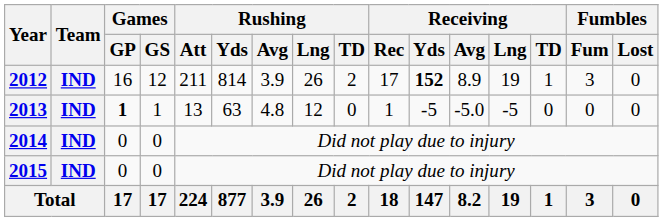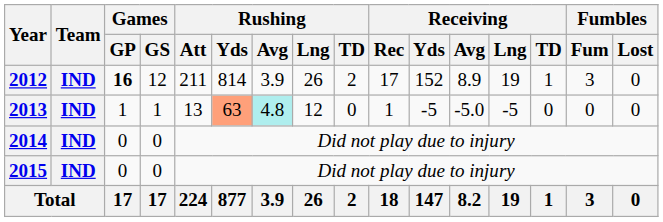 <table class=wikitable style="text-align:center;">
 <tr>
 <th rowspan="2">Year</th>
 <th rowspan="2">Team</th>
 <th colspan="2">Games</th>
 <th colspan="5">Rushing</th>
 <th colspan="5">Receiving</th>
 <th colspan="2">Fumbles</th>
 </tr>
 <tr>
 <th>GP</th>
 <th>GS</th>
 <th>Att</th>
 <th>Yds</th>
 <th>Avg</th>
 <th>Lng</th>
 <th>TD</th>
 <th>Rec</th>
 <th>Yds</th>
 <th>Avg</th>
 <th>Lng</th>
 <th>TD</th>
 <th>Fum</th>
 <th>Lost</th>
 </tr>
 <tr>
 <th><a href='#'>2012</a></th>
 <th><a href='#'>IND</a></th>
-<td>16</td>
+<td><strong>16</strong></td>
 <td>12</td>
 <td>211</td>
 <td>814</td>
 <td>3.9</td>
 <td>26</td>
 <td>2</td>
 <td>17</td>
-<td><strong>152</strong></td>
+<td>152</td>
 <td>8.9</td>
 <td>19</td>
 <td>1</td>
 <td>3</td>
 <td>0</td>
 </tr>
 <tr>
 <th><a href='#'>2013</a></th>
 <th><a href='#'>IND</a></th>
-<td><strong>1</strong></td>
+<td>1</td>
 <td>1</td>
 <td>13</td>
-<td>63</td>
-<td>4.8</td>
+<td style="background: lightsalmon;">63</td>
+<td style="background: paleturquoise;">4.8</td>
 <td>12</td>
 <td>0</td>
 <td>1</td>
 <td>-5</td>
 <td>-5.0</td>
 <td>-5</td>
 <td>0</td>
 <td>0</td>
 <td>0</td>
 </tr>
 <tr>
 <th><a href='#'>2014</a></th>
 <th><a href='#'>IND</a></th>
 <td>0</td>
 <td>0</td>
 <td colspan="12"><em>Did not play due to injury</em></td>
 </tr>
 <tr>
 <th><a href='#'>2015</a></th>
 <th><a href='#'>IND</a></th>
 <td>0</td>
 <td>0</td>
 <td colspan="12"><em>Did not play due to injury</em></td>
 </tr>
 <tr>
 <th colspan="2">Total</th>
 <th>17</th>
 <th>17</th>
 <th>224</th>
 <th>877</th>
 <th>3.9</th>
 <th>26</th>
 <th>2</th>
 <th>18</th>
 <th>147</th>
 <th>8.2</th>
 <th>19</th>
 <th>1</th>
 <th>3</th>
 <th>0</th>
 </tr>
 </table>
